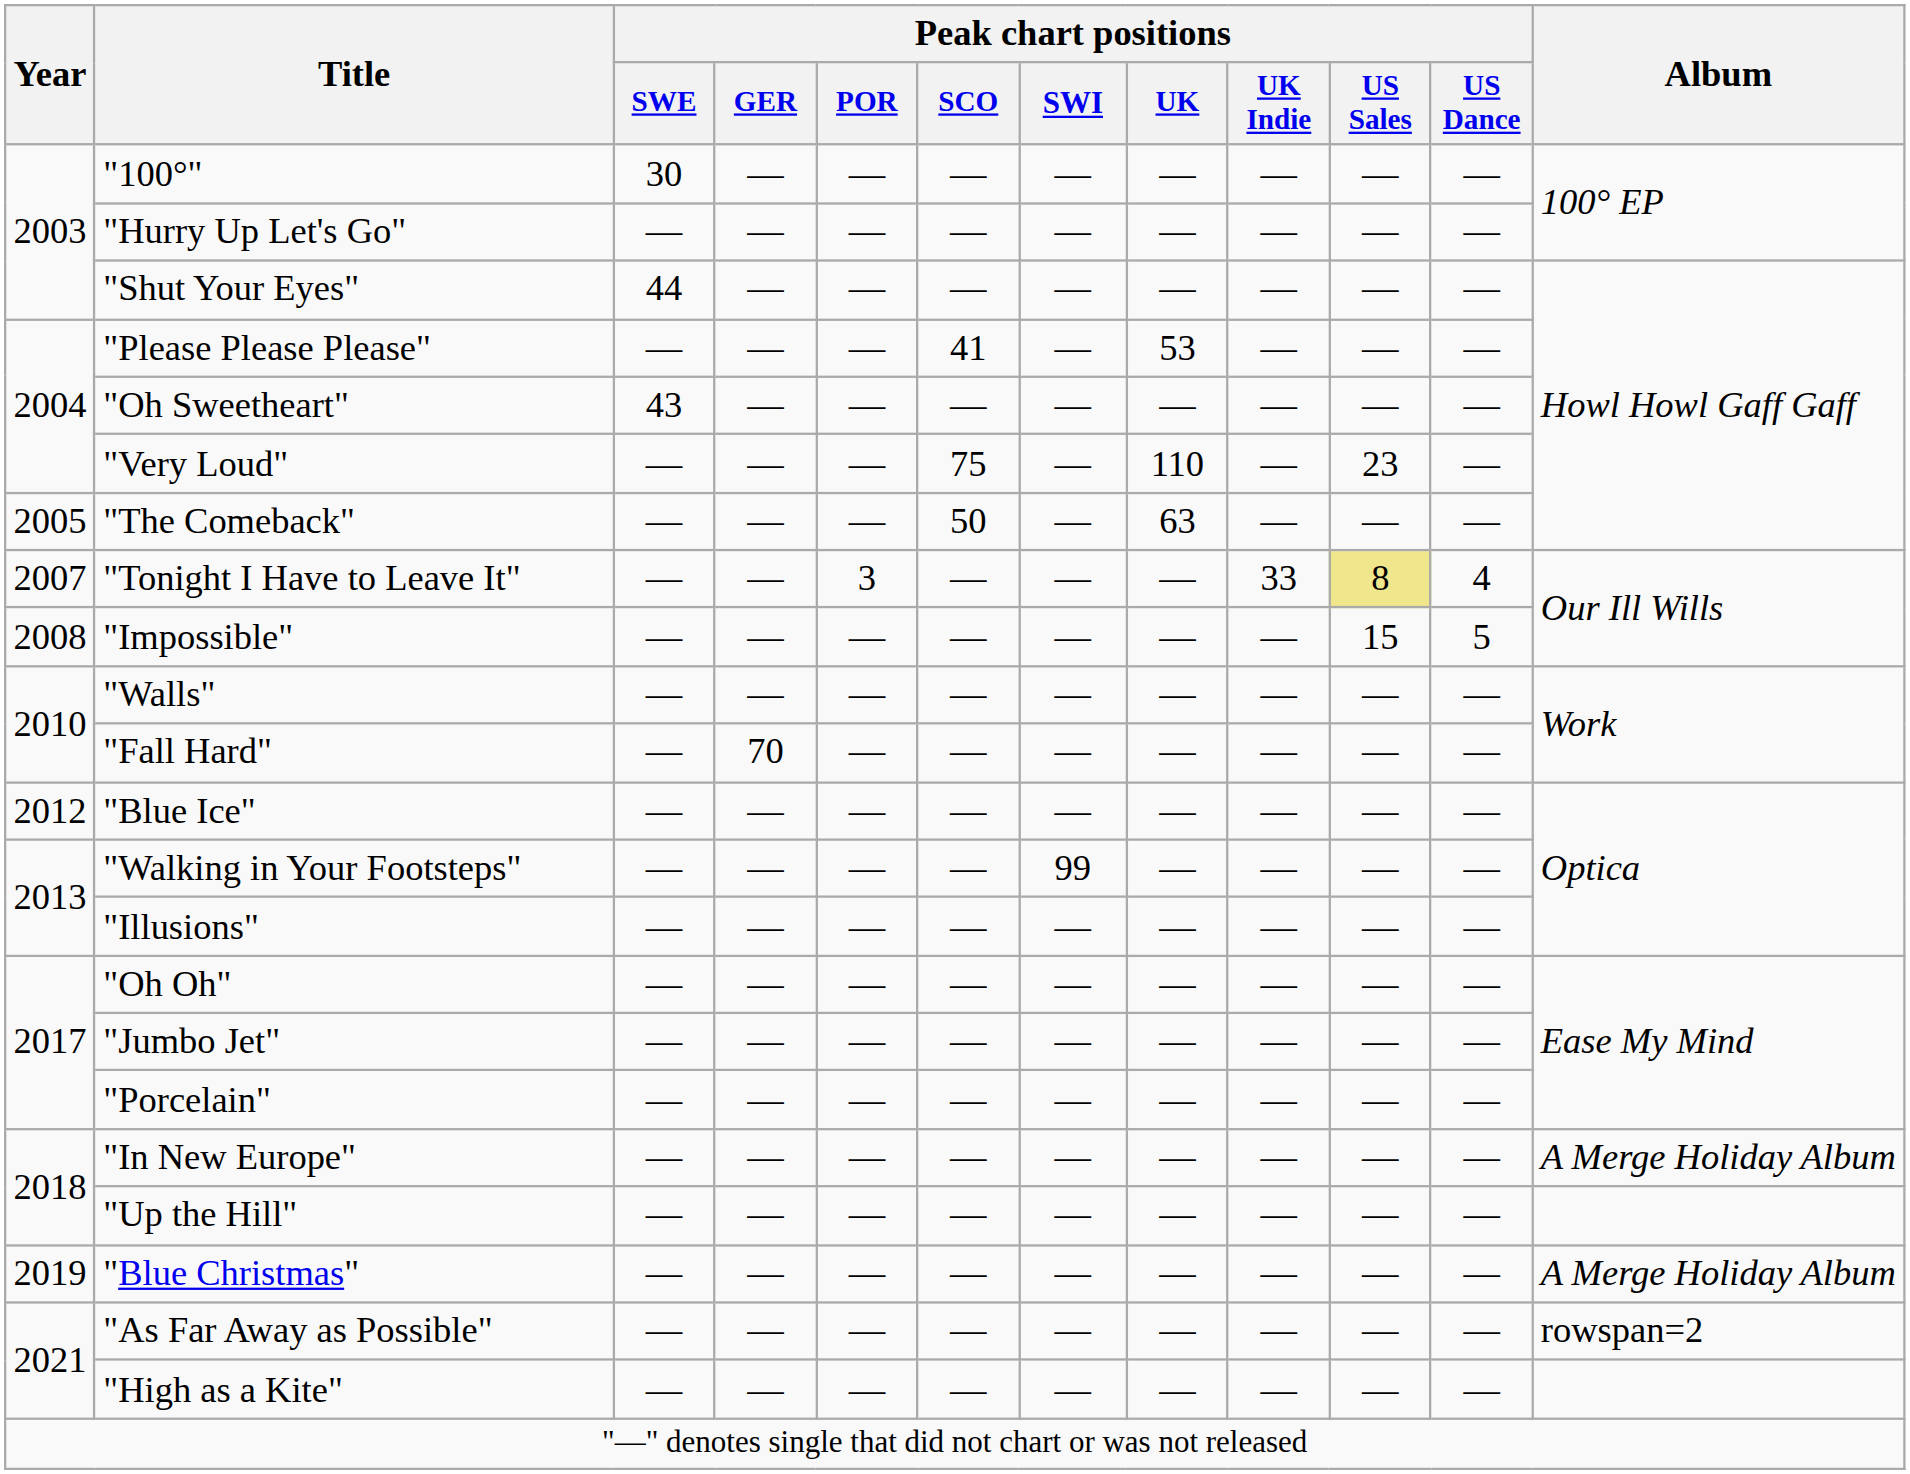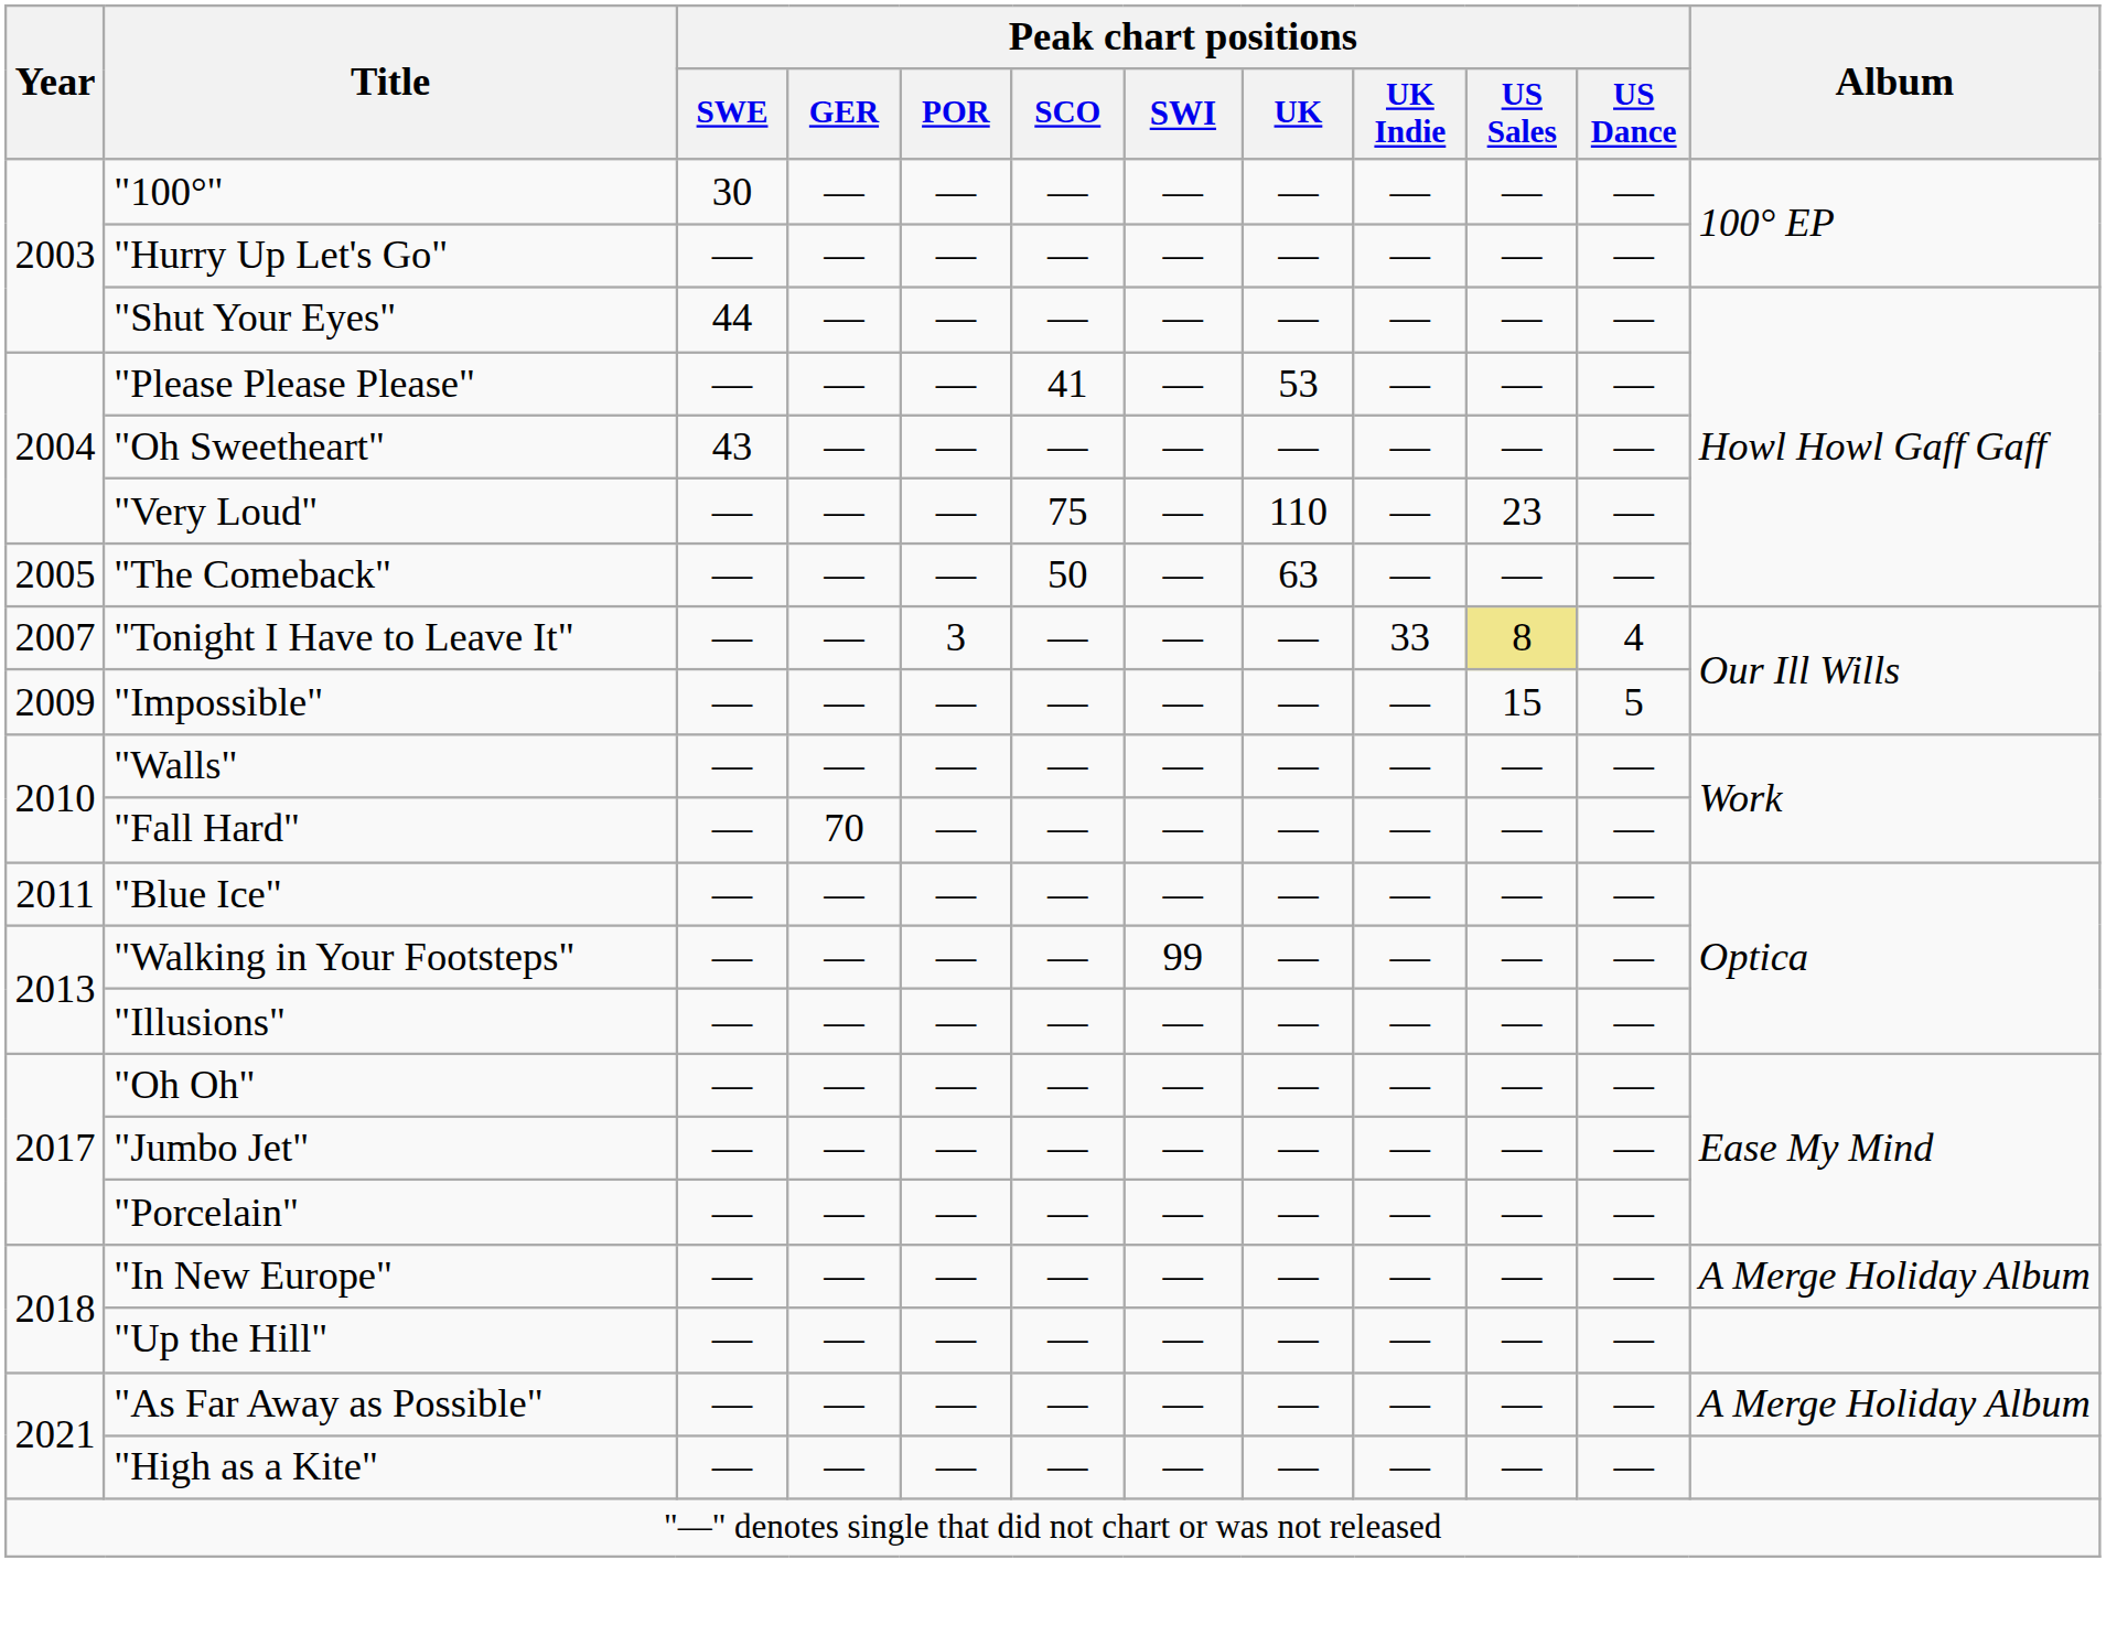 <table class="wikitable">
 <tr>
 <th rowspan="2">Year</th>
 <th rowspan="2" style="width:220px;">Title</th>
 <th colspan="9" style="width:200px;">Peak chart positions</th>
 <th rowspan="2">Album</th>
 </tr>
 <tr>
 <th style="width:3em;font-size:80%;"><a href='#'>SWE</a><br></th>
 <th style="width:3em;font-size:80%;"><a href='#'>GER</a><br></th>
 <th style="width:3em;font-size:80%;"><a href='#'>POR</a><br></th>
 <th style="width:3em;font-size:80%;"><a href='#'>SCO</a><br></th>
 <th scope="col" style="width:3em;font-size:85%;"><a href='#'>SWI</a><br></th>
 <th style="width:3em;font-size:80%;"><a href='#'>UK</a><br></th>
 <th style="width:3em;font-size:80%;"><a href='#'>UK<br>Indie</a><br></th>
 <th style="width:3em;font-size:80%;"><a href='#'>US<br>Sales</a><br></th>
 <th style="width:3em;font-size:80%;"><a href='#'>US<br>Dance</a><br></th>
 </tr>
 <tr>
 <td style="text-align:center;" rowspan="3">2003</td>
 <td>"100°"</td>
 <td style="text-align:center">30</td>
 <td style="text-align:center">—</td>
 <td style="text-align:center">—</td>
 <td style="text-align:center">—</td>
 <td style="text-align:center">—</td>
 <td style="text-align:center">—</td>
 <td style="text-align:center">—</td>
 <td style="text-align:center">—</td>
 <td style="text-align:center">—</td>
 <td rowspan="2"><em>100° EP</em></td>
 </tr>
 <tr>
 <td>"Hurry Up Let's Go"</td>
 <td style="text-align:center">—</td>
 <td style="text-align:center">—</td>
 <td style="text-align:center">—</td>
 <td style="text-align:center">—</td>
 <td style="text-align:center">—</td>
 <td style="text-align:center">—</td>
 <td style="text-align:center">—</td>
 <td style="text-align:center">—</td>
 <td style="text-align:center">—</td>
 </tr>
 <tr>
 <td>"Shut Your Eyes"</td>
 <td style="text-align:center">44</td>
 <td style="text-align:center">—</td>
 <td style="text-align:center">—</td>
 <td style="text-align:center">—</td>
 <td style="text-align:center">—</td>
 <td style="text-align:center">—</td>
 <td style="text-align:center">—</td>
 <td style="text-align:center">—</td>
 <td style="text-align:center">—</td>
 <td rowspan="5"><em>Howl Howl Gaff Gaff</em></td>
 </tr>
 <tr>
 <td style="text-align:center;" rowspan="3">2004</td>
 <td>"Please Please Please"</td>
 <td style="text-align:center">—</td>
 <td style="text-align:center">—</td>
 <td style="text-align:center">—</td>
 <td style="text-align:center">41</td>
 <td style="text-align:center">—</td>
 <td style="text-align:center">53</td>
 <td style="text-align:center">—</td>
 <td style="text-align:center">—</td>
 <td style="text-align:center">—</td>
 </tr>
 <tr>
 <td>"Oh Sweetheart"</td>
 <td style="text-align:center">43</td>
 <td style="text-align:center">—</td>
 <td style="text-align:center">—</td>
 <td style="text-align:center">—</td>
 <td style="text-align:center">—</td>
 <td style="text-align:center">—</td>
 <td style="text-align:center">—</td>
 <td style="text-align:center">—</td>
 <td style="text-align:center">—</td>
 </tr>
 <tr>
 <td>"Very Loud"</td>
 <td style="text-align:center">—</td>
 <td style="text-align:center">—</td>
 <td style="text-align:center">—</td>
 <td style="text-align:center">75</td>
 <td style="text-align:center">—</td>
 <td style="text-align:center">110</td>
 <td style="text-align:center">—</td>
 <td style="text-align:center">23</td>
 <td style="text-align:center">—</td>
 </tr>
 <tr>
 <td style="text-align:center;">2005</td>
 <td>"The Comeback"</td>
 <td style="text-align:center">—</td>
 <td style="text-align:center">—</td>
 <td style="text-align:center">—</td>
 <td style="text-align:center">50</td>
 <td style="text-align:center">—</td>
 <td style="text-align:center">63</td>
 <td style="text-align:center">—</td>
 <td style="text-align:center">—</td>
 <td style="text-align:center">—</td>
 </tr>
 <tr>
 <td style="text-align:center;">2007</td>
 <td>"Tonight I Have to Leave It"</td>
 <td style="text-align:center">—</td>
 <td style="text-align:center">—</td>
 <td style="text-align:center">3</td>
 <td style="text-align:center">—</td>
 <td style="text-align:center">—</td>
 <td style="text-align:center">—</td>
 <td style="text-align:center">33</td>
 <td style="background: khaki; text-align:center">8</td>
 <td style="text-align:center">4</td>
 <td rowspan="2"><em>Our Ill Wills</em></td>
 </tr>
 <tr>
-<td style="text-align:center;">2008</td>
+<td style="text-align:center;">2009</td>
 <td>"Impossible"</td>
 <td style="text-align:center">—</td>
 <td style="text-align:center">—</td>
 <td style="text-align:center">—</td>
 <td style="text-align:center">—</td>
 <td style="text-align:center">—</td>
 <td style="text-align:center">—</td>
 <td style="text-align:center">—</td>
 <td style="text-align:center">15</td>
 <td style="text-align:center">5</td>
 </tr>
 <tr>
 <td style="text-align:center;" rowspan="2">2010</td>
 <td>"Walls"</td>
 <td style="text-align:center">—</td>
 <td style="text-align:center">—</td>
 <td style="text-align:center">—</td>
 <td style="text-align:center">—</td>
 <td style="text-align:center">—</td>
 <td style="text-align:center">—</td>
 <td style="text-align:center">—</td>
 <td style="text-align:center">—</td>
 <td style="text-align:center">—</td>
 <td rowspan="2"><em>Work</em></td>
 </tr>
 <tr>
 <td>"Fall Hard"</td>
 <td style="text-align:center">—</td>
 <td style="text-align:center">70</td>
 <td style="text-align:center">—</td>
 <td style="text-align:center">—</td>
 <td style="text-align:center">—</td>
 <td style="text-align:center">—</td>
 <td style="text-align:center">—</td>
 <td style="text-align:center">—</td>
 <td style="text-align:center">—</td>
 </tr>
 <tr>
-<td style="text-align:center;">2012</td>
+<td style="text-align:center;">2011</td>
 <td>"Blue Ice"</td>
 <td style="text-align:center">—</td>
 <td style="text-align:center">—</td>
 <td style="text-align:center">—</td>
 <td style="text-align:center">—</td>
 <td style="text-align:center">—</td>
 <td style="text-align:center">—</td>
 <td style="text-align:center">—</td>
 <td style="text-align:center">—</td>
 <td style="text-align:center">—</td>
 <td rowspan="3"><em>Optica</em></td>
 </tr>
 <tr>
 <td style="text-align:center;" rowspan="2">2013</td>
 <td>"Walking in Your Footsteps"</td>
 <td style="text-align:center">—</td>
 <td style="text-align:center">—</td>
 <td style="text-align:center">—</td>
 <td style="text-align:center">—</td>
 <td style="text-align:center">99</td>
 <td style="text-align:center">—</td>
 <td style="text-align:center">—</td>
 <td style="text-align:center">—</td>
 <td style="text-align:center">—</td>
 </tr>
 <tr>
 <td>"Illusions"</td>
 <td style="text-align:center">—</td>
 <td style="text-align:center">—</td>
 <td style="text-align:center">—</td>
 <td style="text-align:center">—</td>
 <td style="text-align:center">—</td>
 <td style="text-align:center">—</td>
 <td style="text-align:center">—</td>
 <td style="text-align:center">—</td>
 <td style="text-align:center">—</td>
 </tr>
 <tr>
 <td style="text-align:center;" rowspan="3">2017</td>
 <td>"Oh Oh"</td>
 <td style="text-align:center">—</td>
 <td style="text-align:center">—</td>
 <td style="text-align:center">—</td>
 <td style="text-align:center">—</td>
 <td style="text-align:center">—</td>
 <td style="text-align:center">—</td>
 <td style="text-align:center">—</td>
 <td style="text-align:center">—</td>
 <td style="text-align:center">—</td>
 <td rowspan="3"><em>Ease My Mind</em></td>
 </tr>
 <tr>
 <td>"Jumbo Jet"</td>
 <td style="text-align:center">—</td>
 <td style="text-align:center">—</td>
 <td style="text-align:center">—</td>
 <td style="text-align:center">—</td>
 <td style="text-align:center">—</td>
 <td style="text-align:center">—</td>
 <td style="text-align:center">—</td>
 <td style="text-align:center">—</td>
 <td style="text-align:center">—</td>
 </tr>
 <tr>
 <td>"Porcelain"</td>
 <td style="text-align:center">—</td>
 <td style="text-align:center">—</td>
 <td style="text-align:center">—</td>
 <td style="text-align:center">—</td>
 <td style="text-align:center">—</td>
 <td style="text-align:center">—</td>
 <td style="text-align:center">—</td>
 <td style="text-align:center">—</td>
 <td style="text-align:center">—</td>
 </tr>
 <tr>
 <td style="text-align:center;" rowspan="2">2018</td>
 <td>"In New Europe"</td>
 <td style="text-align:center">—</td>
 <td style="text-align:center">—</td>
 <td style="text-align:center">—</td>
 <td style="text-align:center">—</td>
 <td style="text-align:center">—</td>
 <td style="text-align:center">—</td>
 <td style="text-align:center">—</td>
 <td style="text-align:center">—</td>
 <td style="text-align:center">—</td>
 <td><em>A Merge Holiday Album</em></td>
 </tr>
 <tr>
 <td>"Up the Hill"</td>
 <td style="text-align:center">—</td>
 <td style="text-align:center">—</td>
 <td style="text-align:center">—</td>
 <td style="text-align:center">—</td>
 <td style="text-align:center">—</td>
 <td style="text-align:center">—</td>
 <td style="text-align:center">—</td>
 <td style="text-align:center">—</td>
 <td style="text-align:center">—</td>
 </tr>
 <tr>
-<td style="text-align:center;">2019</td>
-<td>"<a href='#'>Blue Christmas</a>"</td>
-<td style="text-align:center">—</td>
-<td style="text-align:center">—</td>
-<td style="text-align:center">—</td>
-<td style="text-align:center">—</td>
-<td style="text-align:center">—</td>
-<td style="text-align:center">—</td>
-<td style="text-align:center">—</td>
-<td style="text-align:center">—</td>
-<td style="text-align:center">—</td>
-<td><em>A Merge Holiday Album</em></td>
-</tr>
-<tr>
 <td style="text-align:center;" rowspan="2">2021</td>
 <td>"As Far Away as Possible"</td>
 <td style="text-align:center">—</td>
 <td style="text-align:center">—</td>
 <td style="text-align:center">—</td>
 <td style="text-align:center">—</td>
 <td style="text-align:center">—</td>
 <td style="text-align:center">—</td>
 <td style="text-align:center">—</td>
 <td style="text-align:center">—</td>
 <td style="text-align:center">—</td>
-<td>rowspan=2 </td>
+<td><em>A Merge Holiday Album</em></td>
 </tr>
 <tr>
 <td>"High as a Kite"</td>
 <td style="text-align:center">—</td>
 <td style="text-align:center">—</td>
 <td style="text-align:center">—</td>
 <td style="text-align:center">—</td>
 <td style="text-align:center">—</td>
 <td style="text-align:center">—</td>
 <td style="text-align:center">—</td>
 <td style="text-align:center">—</td>
 <td style="text-align:center">—</td>
 </tr>
 <tr>
 <td colspan="12" style="text-align:center; font-size:85%;">"—" denotes single that did not chart or was not released</td>
 </tr>
 </table>
